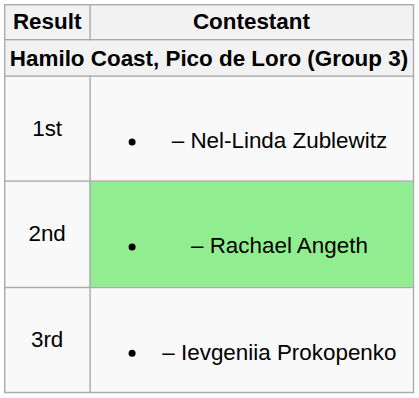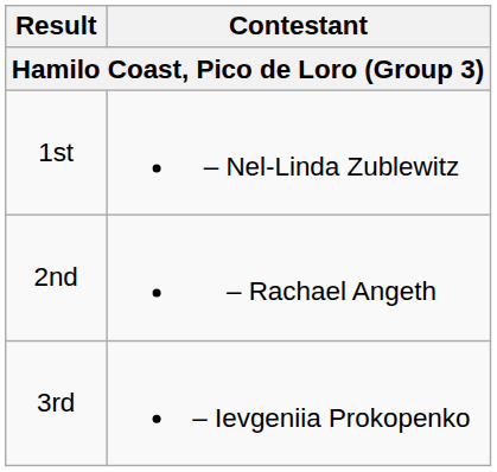 <table class="wikitable" style="text-align:center;">
 <tr>
 <th>Result</th>
 <th>Contestant</th>
 </tr>
 <tr>
 <th colspan=2>Hamilo Coast, Pico de Loro (Group 3)</th>
 </tr>
 <tr>
 <td>1st</td>
 <td><br><ul><li> – Nel-Linda Zublewitz</li></ul></td>
 </tr>
 <tr>
 <td>2nd</td>
-<td style="background: lightgreen;"><br><ul><li> – Rachael Angeth</li></ul></td>
+<td><br><ul><li> – Rachael Angeth</li></ul></td>
 </tr>
 <tr>
 <td>3rd</td>
 <td><br><ul><li> – Ievgeniia Prokopenko</li></ul></td>
 </tr>
 </table>
